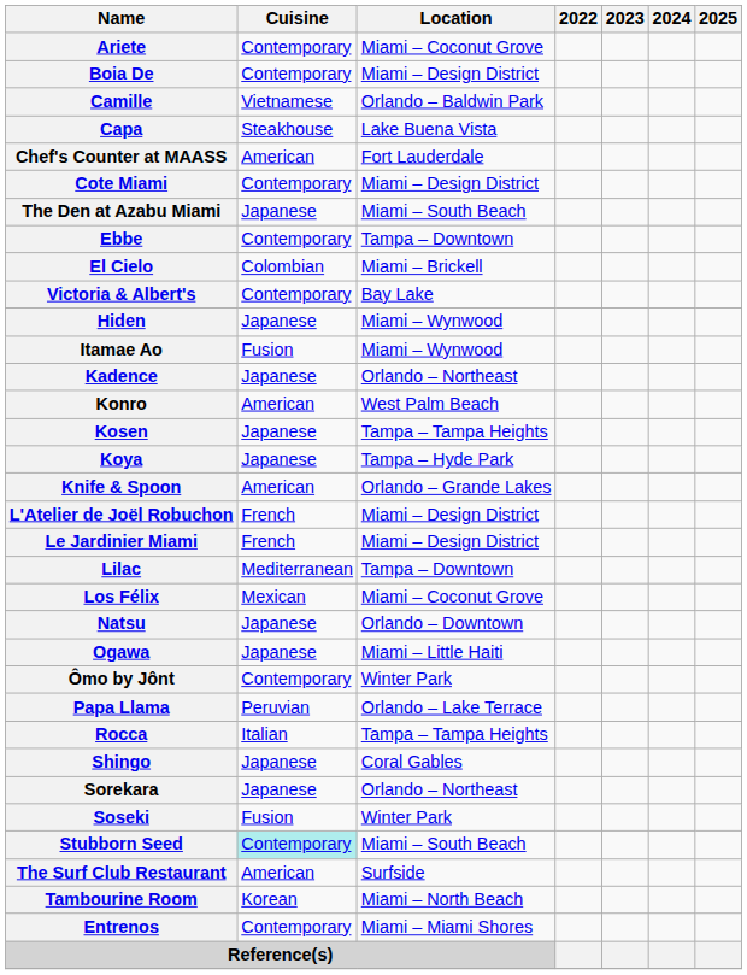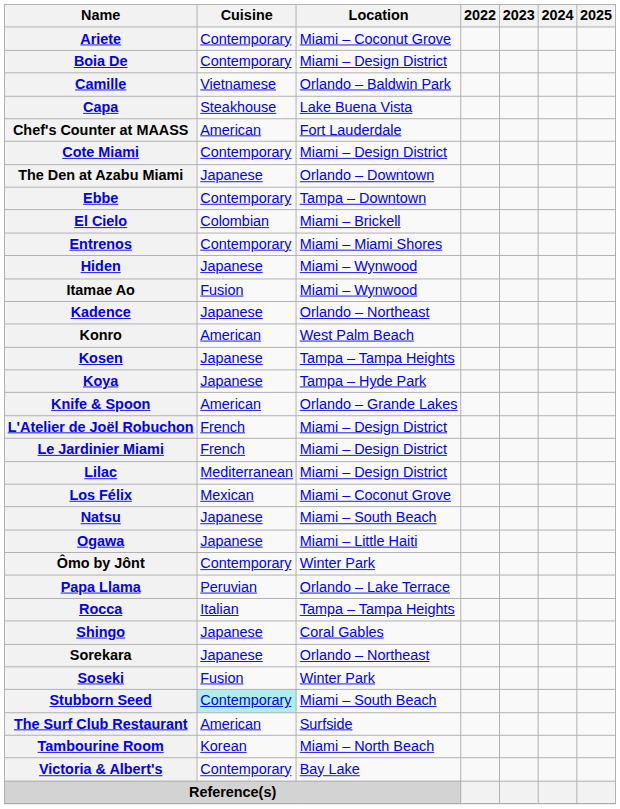 <table class="wikitable sortable plainrowheaders" style="text-align:left;"">
 <tr>
 <th scope="col">Name</th>
 <th scope="col">Cuisine</th>
 <th scope="col">Location</th>
 <th scope="col">2022</th>
 <th scope="col">2023</th>
 <th scope="col">2024</th>
 <th scope="col">2025</th>
 </tr>
 <tr>
 <th scope="row"><a href='#'>Ariete</a></th>
 <td><a href='#'>Contemporary</a></td>
 <td><a href='#'>Miami – Coconut Grove</a></td>
 <td></td>
 <td></td>
 <td></td>
 <td></td>
 </tr>
 <tr>
 <th scope="row"><a href='#'>Boia De</a></th>
 <td><a href='#'>Contemporary</a></td>
 <td><a href='#'>Miami – Design District</a></td>
 <td></td>
 <td></td>
 <td></td>
 <td></td>
 </tr>
 <tr>
 <th scope="row"><a href='#'>Camille</a></th>
 <td><a href='#'>Vietnamese</a></td>
 <td><a href='#'>Orlando – Baldwin Park</a></td>
 <td></td>
 <td></td>
 <td></td>
 <td></td>
 </tr>
 <tr>
 <th scope="row"><a href='#'>Capa</a></th>
 <td><a href='#'>Steakhouse</a></td>
 <td><a href='#'>Lake Buena Vista</a></td>
 <td></td>
 <td></td>
 <td></td>
 <td></td>
 </tr>
 <tr>
 <th scope="row">Chef's Counter at MAASS</th>
 <td><a href='#'>American</a></td>
 <td><a href='#'>Fort Lauderdale</a></td>
 <td></td>
 <td></td>
 <td></td>
 <td></td>
 </tr>
 <tr>
 <th scope="row"><a href='#'>Cote Miami</a></th>
 <td><a href='#'>Contemporary</a></td>
 <td><a href='#'>Miami – Design District</a></td>
 <td></td>
 <td></td>
 <td></td>
 <td></td>
 </tr>
 <tr>
 <th scope="row">The Den at Azabu Miami</th>
 <td><a href='#'>Japanese</a></td>
-<td><a href='#'>Miami – South Beach</a></td>
+<td><a href='#'>Orlando – Downtown</a></td>
 <td></td>
 <td></td>
 <td></td>
 <td></td>
 </tr>
 <tr>
 <th scope="row"><a href='#'>Ebbe</a></th>
 <td><a href='#'>Contemporary</a></td>
 <td><a href='#'>Tampa – Downtown</a></td>
 <td></td>
 <td></td>
 <td></td>
 <td></td>
 </tr>
 <tr>
 <th scope="row"><a href='#'>El Cielo</a></th>
 <td><a href='#'>Colombian</a></td>
 <td><a href='#'>Miami – Brickell</a></td>
 <td></td>
 <td></td>
 <td></td>
 <td></td>
 </tr>
 <tr>
-<th scope="row"><a href='#'>Victoria & Albert's</a></th>
+<th scope="row"><a href='#'>Entrenos</a></th>
 <td><a href='#'>Contemporary</a></td>
-<td><a href='#'>Bay Lake</a></td>
+<td><a href='#'>Miami – Miami Shores</a></td>
 <td></td>
 <td></td>
 <td></td>
 <td></td>
 </tr>
 <tr>
 <th scope="row"><a href='#'>Hiden</a></th>
 <td><a href='#'>Japanese</a></td>
 <td><a href='#'>Miami – Wynwood</a></td>
 <td></td>
 <td></td>
 <td></td>
 <td></td>
 </tr>
 <tr>
 <th scope="row">Itamae Ao</th>
 <td><a href='#'>Fusion</a></td>
 <td><a href='#'>Miami – Wynwood</a></td>
 <td></td>
 <td></td>
 <td></td>
 <td></td>
 </tr>
 <tr>
 <th scope="row"><a href='#'>Kadence</a></th>
 <td><a href='#'>Japanese</a></td>
 <td><a href='#'>Orlando – Northeast</a></td>
 <td></td>
 <td></td>
 <td></td>
 <td></td>
 </tr>
 <tr>
 <th scope="row">Konro</th>
 <td><a href='#'>American</a></td>
 <td><a href='#'>West Palm Beach</a></td>
 <td></td>
 <td></td>
 <td></td>
 <td></td>
 </tr>
 <tr>
 <th scope="row"><a href='#'>Kosen</a></th>
 <td><a href='#'>Japanese</a></td>
 <td><a href='#'>Tampa – Tampa Heights</a></td>
 <td></td>
 <td></td>
 <td></td>
 <td></td>
 </tr>
 <tr>
 <th scope="row"><a href='#'>Koya</a></th>
 <td><a href='#'>Japanese</a></td>
 <td><a href='#'>Tampa – Hyde Park</a></td>
 <td></td>
 <td></td>
 <td></td>
 <td></td>
 </tr>
 <tr>
 <th scope="row"><a href='#'>Knife & Spoon</a></th>
 <td><a href='#'>American</a></td>
 <td><a href='#'>Orlando – Grande Lakes</a></td>
 <td></td>
 <td></td>
 <td></td>
 <td></td>
 </tr>
 <tr>
 <th scope="row"><a href='#'>L'Atelier de Joël Robuchon</a></th>
 <td><a href='#'>French</a></td>
 <td><a href='#'>Miami – Design District</a></td>
 <td></td>
 <td></td>
 <td></td>
 <td></td>
 </tr>
 <tr>
 <th scope="row"><a href='#'>Le Jardinier Miami</a></th>
 <td><a href='#'>French</a></td>
 <td><a href='#'>Miami – Design District</a></td>
 <td></td>
 <td></td>
 <td></td>
 <td></td>
 </tr>
 <tr>
 <th scope="row"><a href='#'>Lilac</a></th>
 <td><a href='#'>Mediterranean</a></td>
-<td><a href='#'>Tampa – Downtown</a></td>
+<td><a href='#'>Miami – Design District</a></td>
 <td></td>
 <td></td>
 <td></td>
 <td></td>
 </tr>
 <tr>
 <th scope="row"><a href='#'>Los Félix</a></th>
 <td><a href='#'>Mexican</a></td>
 <td><a href='#'>Miami – Coconut Grove</a></td>
 <td></td>
 <td></td>
 <td></td>
 <td></td>
 </tr>
 <tr>
 <th scope="row"><a href='#'>Natsu</a></th>
 <td><a href='#'>Japanese</a></td>
-<td><a href='#'>Orlando – Downtown</a></td>
+<td><a href='#'>Miami – South Beach</a></td>
 <td></td>
 <td></td>
 <td></td>
 <td></td>
 </tr>
 <tr>
 <th scope="row"><a href='#'>Ogawa</a></th>
 <td><a href='#'>Japanese</a></td>
 <td><a href='#'>Miami – Little Haiti</a></td>
 <td></td>
 <td></td>
 <td></td>
 <td></td>
 </tr>
 <tr>
 <th scope="row">Ômo by Jônt</th>
 <td><a href='#'>Contemporary</a></td>
 <td><a href='#'>Winter Park</a></td>
 <td></td>
 <td></td>
 <td></td>
 <td></td>
 </tr>
 <tr>
 <th scope="row"><a href='#'>Papa Llama</a></th>
 <td><a href='#'>Peruvian</a></td>
 <td><a href='#'>Orlando – Lake Terrace</a></td>
 <td></td>
 <td></td>
 <td></td>
 <td></td>
 </tr>
 <tr>
 <th scope="row"><a href='#'>Rocca</a></th>
 <td><a href='#'>Italian</a></td>
 <td><a href='#'>Tampa – Tampa Heights</a></td>
 <td></td>
 <td></td>
 <td></td>
 <td></td>
 </tr>
 <tr>
 <th scope="row"><a href='#'>Shingo</a></th>
 <td><a href='#'>Japanese</a></td>
 <td><a href='#'>Coral Gables</a></td>
 <td></td>
 <td></td>
 <td></td>
 <td></td>
 </tr>
 <tr>
 <th scope="row">Sorekara</th>
 <td><a href='#'>Japanese</a></td>
 <td><a href='#'>Orlando – Northeast</a></td>
 <td></td>
 <td></td>
 <td></td>
 <td></td>
 </tr>
 <tr>
 <th scope="row"><a href='#'>Soseki</a></th>
 <td><a href='#'>Fusion</a></td>
 <td><a href='#'>Winter Park</a></td>
 <td></td>
 <td></td>
 <td></td>
 <td></td>
 </tr>
 <tr>
 <th scope="row"><a href='#'>Stubborn Seed</a></th>
 <td style="background: paleturquoise;"><a href='#'>Contemporary</a></td>
 <td><a href='#'>Miami – South Beach</a></td>
 <td></td>
 <td></td>
 <td></td>
 <td></td>
 </tr>
 <tr>
 <th scope="row"><a href='#'>The Surf Club Restaurant</a></th>
 <td><a href='#'>American</a></td>
 <td><a href='#'>Surfside</a></td>
 <td></td>
 <td></td>
 <td></td>
 <td></td>
 </tr>
 <tr>
 <th scope="row"><a href='#'>Tambourine Room</a></th>
 <td><a href='#'>Korean</a></td>
 <td><a href='#'>Miami – North Beach</a></td>
 <td></td>
 <td></td>
 <td></td>
 <td></td>
 </tr>
 <tr>
-<th scope="row"><a href='#'>Entrenos</a></th>
+<th scope="row"><a href='#'>Victoria & Albert's</a></th>
 <td><a href='#'>Contemporary</a></td>
-<td><a href='#'>Miami – Miami Shores</a></td>
+<td><a href='#'>Bay Lake</a></td>
 <td></td>
 <td></td>
 <td></td>
 <td></td>
 </tr>
 <tr>
 <th colspan="3" style="text-align: center;background: lightgray;">Reference(s)</th>
 <th></th>
 <th></th>
 <th></th>
 <th></th>
 </tr>
 <tr>
 </tr>
 </table>
